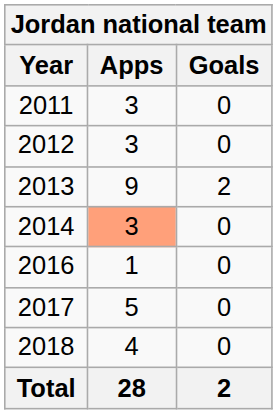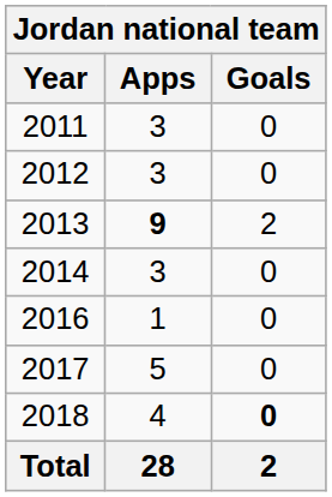 <table class="wikitable" style="text-align:center">
 <tr>
 <th colspan=3>Jordan national team</th>
 </tr>
 <tr>
 <th>Year</th>
 <th>Apps</th>
 <th>Goals</th>
 </tr>
 <tr>
 <td>2011</td>
 <td>3</td>
 <td>0</td>
 </tr>
 <tr>
 <td>2012</td>
 <td>3</td>
 <td>0</td>
 </tr>
 <tr>
 <td>2013</td>
-<td>9</td>
+<td><strong>9</strong></td>
 <td>2</td>
 </tr>
 <tr>
 <td>2014</td>
-<td style="background: lightsalmon;">3</td>
+<td>3</td>
 <td>0</td>
 </tr>
 <tr>
 <td>2016</td>
 <td>1</td>
 <td>0</td>
 </tr>
 <tr>
 <td>2017</td>
 <td>5</td>
 <td>0</td>
 </tr>
 <tr>
 <td>2018</td>
 <td>4</td>
-<td>0</td>
+<td><strong>0</strong></td>
 </tr>
 <tr>
 <th>Total</th>
 <th>28</th>
 <th>2</th>
 </tr>
 </table>
